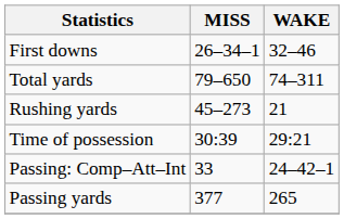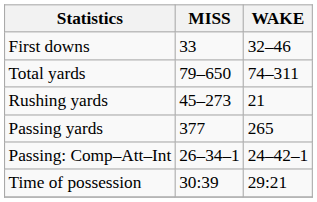 <table class="wikitable" style="float: left;">
 <tr>
 <th>Statistics</th>
 <th>MISS</th>
 <th>WAKE</th>
 </tr>
 <tr>
 <td>First downs</td>
-<td>26–34–1</td>
+<td>33</td>
 <td>32–46</td>
 </tr>
 <tr>
 <td>Total yards</td>
 <td>79–650</td>
 <td>74–311</td>
 </tr>
 <tr>
 <td>Rushing yards</td>
 <td>45–273</td>
 <td>21</td>
 </tr>
 <tr>
+<td>Passing yards</td>
+<td>377</td>
+<td>265</td>
+</tr>
+<tr>
+<td>Passing: Comp–Att–Int</td>
+<td>26–34–1</td>
+<td>24–42–1</td>
+</tr>
+<tr>
 <td>Time of possession</td>
 <td>30:39</td>
 <td>29:21</td>
 </tr>
 <tr>
-<td>Passing: Comp–Att–Int</td>
-<td>33</td>
-<td>24–42–1</td>
-</tr>
-<tr>
-<td>Passing yards</td>
-<td>377</td>
-<td>265</td>
-</tr>
-<tr>
 </tr>
 </table>
